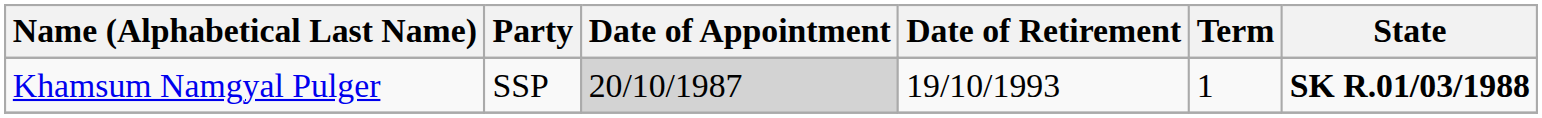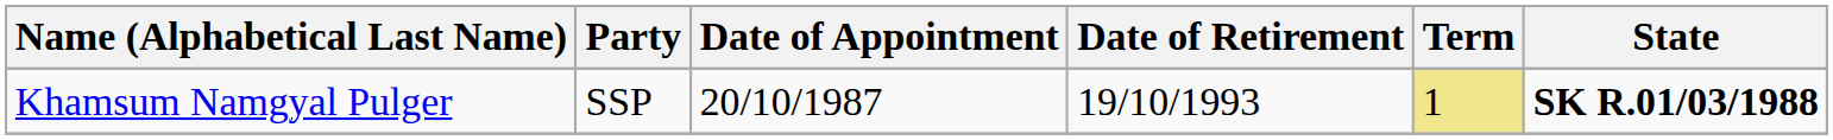 <table class="wikitable sortable">
 <tr>
 <th>Name (Alphabetical Last Name)</th>
 <th>Party</th>
 <th>Date of Appointment</th>
 <th>Date of Retirement</th>
 <th>Term</th>
 <th>State</th>
 </tr>
 <tr>
 </tr>
 <tr>
 <td><a href='#'>Khamsum Namgyal Pulger</a></td>
 <td>SSP</td>
-<td style="background: lightgrey;">20/10/1987</td>
+<td>20/10/1987</td>
 <td>19/10/1993</td>
-<td>1</td>
+<td style="background: khaki;">1</td>
 <td><strong>SK R.01/03/1988</strong></td>
 </tr>
 <tr>
 </tr>
 </table>
